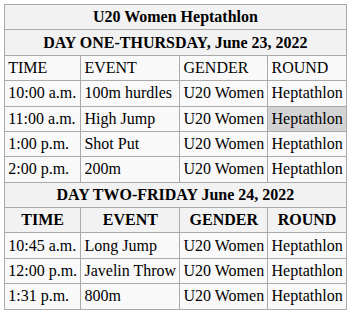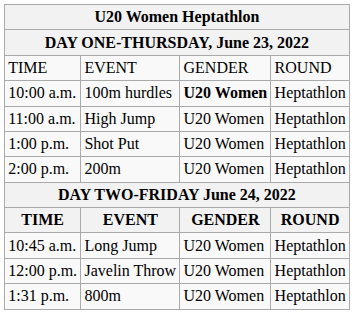 <table class="wikitable sortable">
 <tr>
 <th colspan="6">U20 Women Heptathlon</th>
 </tr>
 <tr>
 <th colspan="6">DAY ONE-THURSDAY, June 23, 2022</th>
 </tr>
 <tr>
 <td>TIME</td>
 <td>EVENT</td>
 <td>GENDER</td>
 <td>ROUND</td>
 </tr>
 <tr>
 <td>10:00 a.m.</td>
 <td>100m hurdles</td>
-<td>U20 Women</td>
+<td><strong>U20 Women</strong></td>
 <td>Heptathlon</td>
 </tr>
 <tr>
 <td>11:00 a.m.</td>
 <td>High Jump</td>
 <td>U20 Women</td>
-<td style="background: lightgrey;">Heptathlon</td>
+<td>Heptathlon</td>
 </tr>
 <tr>
 <td>1:00 p.m.</td>
 <td>Shot Put</td>
 <td>U20 Women</td>
 <td>Heptathlon</td>
 </tr>
 <tr>
 <td>2:00 p.m.</td>
 <td>200m</td>
 <td>U20 Women</td>
 <td>Heptathlon</td>
 </tr>
 <tr>
 <th colspan="6">DAY TWO-FRIDAY June 24, 2022</th>
 </tr>
 <tr>
 <th>TIME</th>
 <th>EVENT</th>
 <th>GENDER</th>
 <th>ROUND</th>
 </tr>
 <tr>
 <td>10:45 a.m.</td>
 <td>Long Jump</td>
 <td>U20 Women</td>
 <td>Heptathlon</td>
 </tr>
 <tr>
 <td>12:00 p.m.</td>
 <td>Javelin Throw</td>
 <td>U20 Women</td>
 <td>Heptathlon</td>
 </tr>
 <tr>
 <td>1:31 p.m.</td>
 <td>800m</td>
 <td>U20 Women</td>
 <td>Heptathlon</td>
 </tr>
 </table>
